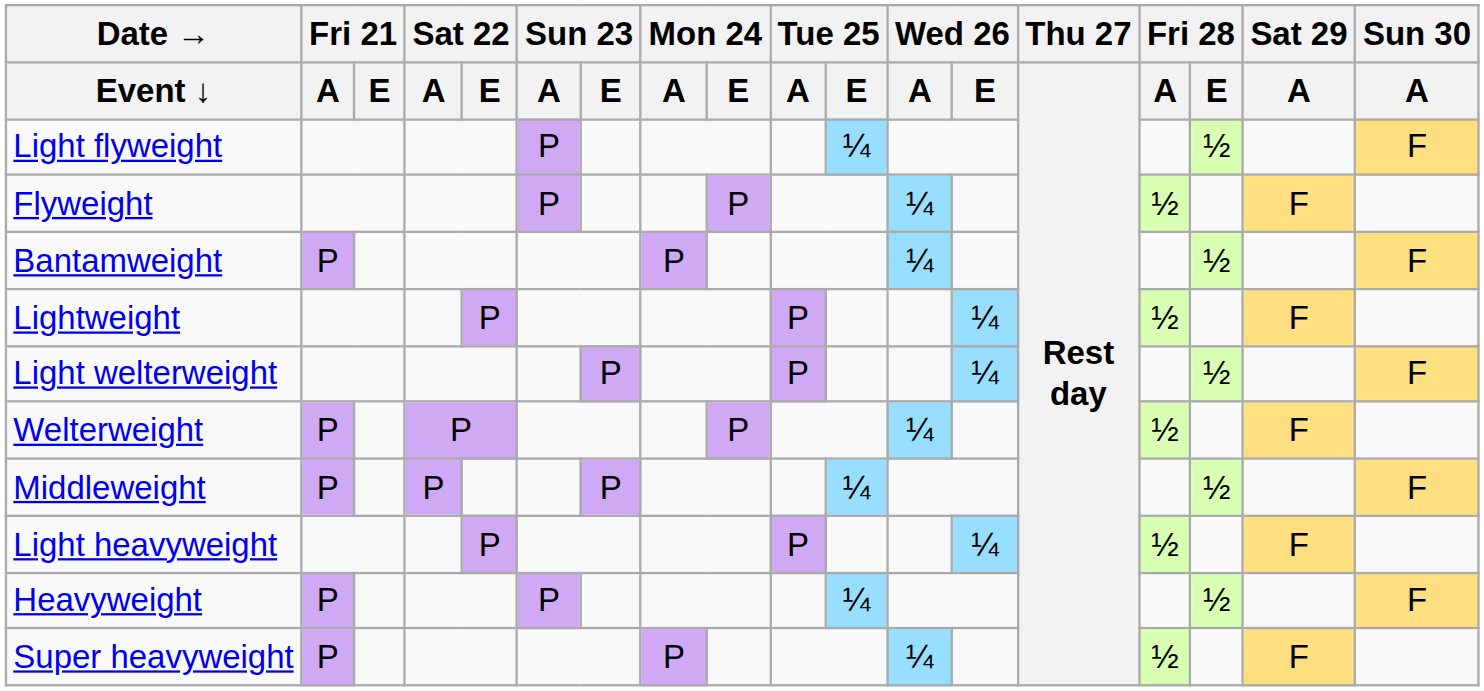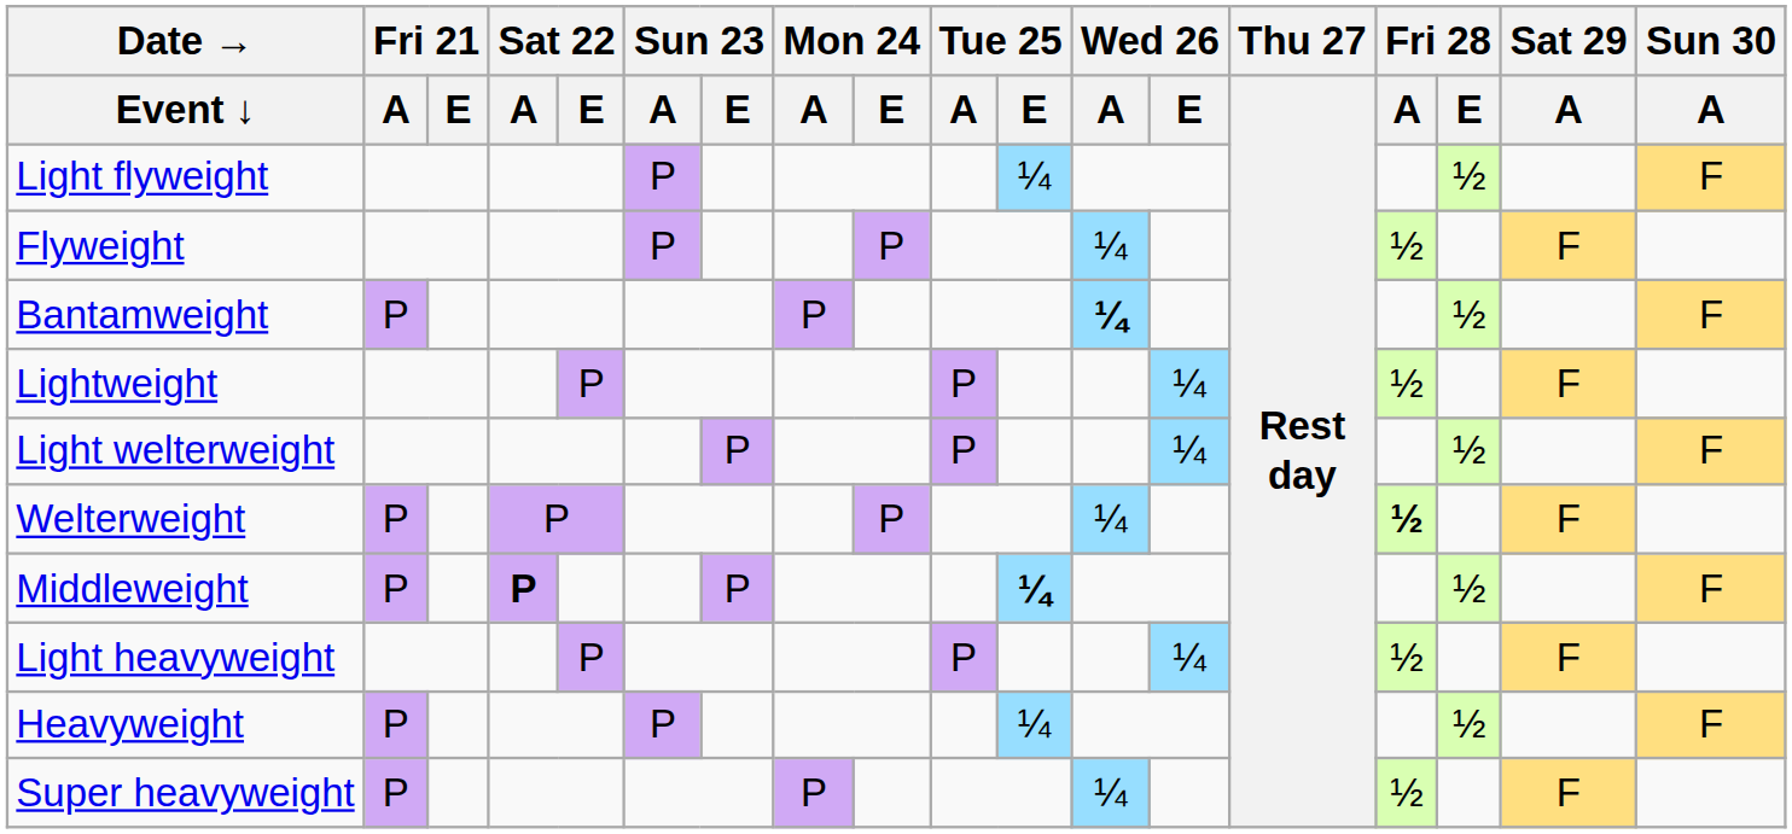 <table class="wikitable" style="margin:0.5em auto; font-size:90%; line-height:1.25em;text-align:center;">
 <tr>
 <th>Date →</th>
 <th colspan="2">Fri 21</th>
 <th colspan="2">Sat 22</th>
 <th colspan="2">Sun 23</th>
 <th colspan="2">Mon 24</th>
 <th colspan="2">Tue 25</th>
 <th colspan="2">Wed 26</th>
 <th>Thu 27</th>
 <th colspan="2">Fri 28</th>
 <th>Sat 29</th>
 <th>Sun 30</th>
 </tr>
 <tr>
 <th>Event   ↓</th>
 <th>A</th>
 <th>E</th>
 <th>A</th>
 <th>E</th>
 <th>A</th>
 <th>E</th>
 <th>A</th>
 <th>E</th>
 <th>A</th>
 <th>E</th>
 <th>A</th>
 <th>E</th>
 <th rowspan=11>Rest<br>day</th>
 <th>A</th>
 <th>E</th>
 <th>A</th>
 <th>A</th>
 </tr>
 <tr>
 <td style="text-align:left;"><a href='#'>Light flyweight</a></td>
 <td colspan="2"></td>
 <td colspan="2"></td>
 <td style="background-color:#D0A9F5">P</td>
 <td></td>
 <td colspan="2"></td>
 <td></td>
 <td style="background-color:#97DEFF;">¼</td>
 <td colspan="2"></td>
 <td></td>
 <td style="background-color:#D9FFB2;">½</td>
 <td></td>
 <td style="background-color:#FFDF80;">F</td>
 </tr>
 <tr>
 <td style="text-align:left;"><a href='#'>Flyweight</a></td>
 <td colspan="2"></td>
 <td colspan="2"></td>
 <td style="background-color:#D0A9F5">P</td>
 <td></td>
 <td></td>
 <td style="background-color:#D0A9F5">P</td>
 <td colspan="2"></td>
 <td style="background-color:#97DEFF;">¼</td>
 <td></td>
 <td style="background-color:#D9FFB2;">½</td>
 <td></td>
 <td style="background-color:#FFDF80;">F</td>
 <td></td>
 </tr>
 <tr>
 <td style="text-align:left;"><a href='#'>Bantamweight</a></td>
 <td style="background-color:#D0A9F5">P</td>
 <td></td>
 <td colspan="2"></td>
 <td colspan="2"></td>
 <td style="background-color:#D0A9F5">P</td>
 <td></td>
 <td colspan="2"></td>
-<td style="background-color:#97DEFF;">¼</td>
+<td style="background-color:#97DEFF;"><strong>¼</strong></td>
 <td></td>
 <td></td>
 <td style="background-color:#D9FFB2;">½</td>
 <td></td>
 <td style="background-color:#FFDF80;">F</td>
 </tr>
 <tr>
 <td style="text-align:left;"><a href='#'>Lightweight</a></td>
 <td colspan="2"></td>
 <td></td>
 <td style="background-color:#D0A9F5">P</td>
 <td colspan="2"></td>
 <td colspan="2"></td>
 <td style="background-color:#D0A9F5">P</td>
 <td></td>
 <td></td>
 <td style="background-color:#97DEFF;">¼</td>
 <td style="background-color:#D9FFB2;">½</td>
 <td></td>
 <td style="background-color:#FFDF80;">F</td>
 <td></td>
 </tr>
 <tr>
 <td style="text-align:left;"><a href='#'>Light welterweight</a></td>
 <td colspan="2"></td>
 <td colspan="2"></td>
 <td></td>
 <td style="background-color:#D0A9F5">P</td>
 <td colspan="2"></td>
 <td style="background-color:#D0A9F5">P</td>
 <td></td>
 <td></td>
 <td style="background-color:#97DEFF;">¼</td>
 <td></td>
 <td style="background-color:#D9FFB2;">½</td>
 <td></td>
 <td style="background-color:#FFDF80;">F</td>
 </tr>
 <tr>
 <td style="text-align:left;"><a href='#'>Welterweight</a></td>
 <td style="background-color:#D0A9F5">P</td>
 <td></td>
 <td colspan="2" style="background-color:#D0A9F5">P</td>
 <td colspan="2"></td>
 <td></td>
 <td style="background-color:#D0A9F5">P</td>
 <td colspan="2"></td>
 <td style="background-color:#97DEFF;">¼</td>
 <td></td>
-<td style="background-color:#D9FFB2;">½</td>
+<td style="background-color:#D9FFB2;"><strong>½</strong></td>
 <td></td>
 <td style="background-color:#FFDF80;">F</td>
 <td></td>
 </tr>
 <tr>
 <td style="text-align:left;"><a href='#'>Middleweight</a></td>
 <td style="background-color:#D0A9F5">P</td>
 <td></td>
-<td style="background-color:#D0A9F5">P</td>
+<td style="background-color:#D0A9F5"><strong>P</strong></td>
 <td></td>
 <td></td>
 <td style="background-color:#D0A9F5">P</td>
 <td colspan="2"></td>
 <td></td>
-<td style="background-color:#97DEFF;">¼</td>
+<td style="background-color:#97DEFF;"><strong>¼</strong></td>
 <td colspan="2"></td>
 <td></td>
 <td style="background-color:#D9FFB2;">½</td>
 <td></td>
 <td style="background-color:#FFDF80;">F</td>
 </tr>
 <tr>
 <td style="text-align:left;"><a href='#'>Light heavyweight</a></td>
 <td colspan="2"></td>
 <td></td>
 <td style="background-color:#D0A9F5">P</td>
 <td colspan="2"></td>
 <td colspan="2"></td>
 <td style="background-color:#D0A9F5">P</td>
 <td></td>
 <td></td>
 <td style="background-color:#97DEFF;">¼</td>
 <td style="background-color:#D9FFB2;">½</td>
 <td></td>
 <td style="background-color:#FFDF80;">F</td>
 <td></td>
 </tr>
 <tr>
 <td style="text-align:left;"><a href='#'>Heavyweight</a></td>
 <td style="background-color:#D0A9F5">P</td>
 <td></td>
 <td colspan="2"></td>
 <td style="background-color:#D0A9F5">P</td>
 <td></td>
 <td colspan="2"></td>
 <td></td>
 <td style="background-color:#97DEFF;">¼</td>
 <td colspan="2"></td>
 <td></td>
 <td style="background-color:#D9FFB2;">½</td>
 <td></td>
 <td style="background-color:#FFDF80;">F</td>
 </tr>
 <tr>
 <td style="text-align:left;"><a href='#'>Super heavyweight</a></td>
 <td style="background-color:#D0A9F5">P</td>
 <td></td>
 <td colspan="2"></td>
 <td colspan="2"></td>
 <td style="background-color:#D0A9F5">P</td>
 <td></td>
 <td colspan="2"></td>
 <td style="background-color:#97DEFF;">¼</td>
 <td></td>
 <td style="background-color:#D9FFB2;">½</td>
 <td></td>
 <td style="background-color:#FFDF80;">F</td>
 <td></td>
 </tr>
 </table>
